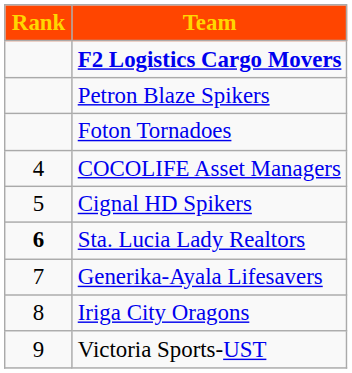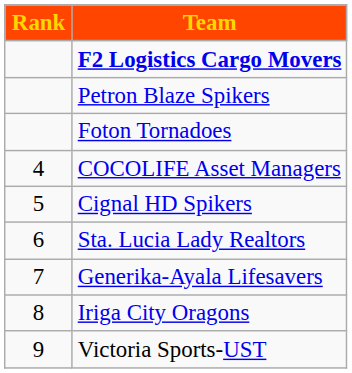 <table class="wikitable" style="text-align: center;">
 <tr>
 <th width=40 style="background:#FF4500; color:#FFD700;">Rank</th>
 <th style="background:#FF4500; color:#FFD700;">Team</th>
 </tr>
 <tr>
 <td></td>
 <td align="left"><strong><a href='#'>F2 Logistics Cargo Movers</a></strong></td>
 </tr>
 <tr>
 <td></td>
 <td align="left"><a href='#'>Petron Blaze Spikers</a></td>
 </tr>
 <tr>
 <td></td>
 <td align="left"><a href='#'>Foton Tornadoes</a></td>
 </tr>
 <tr>
 <td>4</td>
 <td align="left"><a href='#'>COCOLIFE Asset Managers</a></td>
 </tr>
 <tr>
 <td>5</td>
 <td align="left"><a href='#'>Cignal HD Spikers</a></td>
 </tr>
 <tr>
-<td><strong>6</strong></td>
+<td>6</td>
 <td align="left"><a href='#'>Sta. Lucia Lady Realtors</a></td>
 </tr>
 <tr>
 <td>7</td>
 <td align="left"><a href='#'>Generika-Ayala Lifesavers</a></td>
 </tr>
 <tr>
 <td>8</td>
 <td align="left"><a href='#'>Iriga City Oragons</a></td>
 </tr>
 <tr>
 <td>9</td>
 <td align="left">Victoria Sports-<a href='#'>UST</a></td>
 </tr>
 </table>
